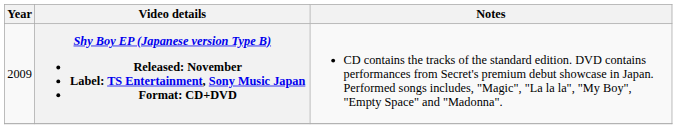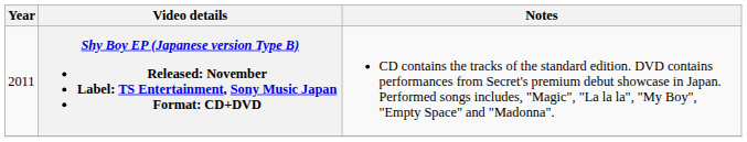 <table class="wikitable plainrowheaders">
 <tr>
 <th scope="col" align="center">Year</th>
 <th scope="col" align="center" width="350">Video details</th>
 <th scope="col">Notes</th>
 </tr>
 <tr>
-<td>2009</td>
+<td>2011</td>
 <th scope="row"><em><a href='#'>Shy Boy EP (Japanese version Type B)</a></em><br><ul><li>Released: November</li><li>Label: <a href='#'>TS Entertainment</a>, <a href='#'>Sony Music Japan</a></li><li>Format: CD+DVD</li></ul></th>
 <td><br><ul><li>CD contains the tracks of the standard edition. DVD contains performances from Secret's premium debut showcase in Japan. Performed songs includes, "Magic", "La la la", "My Boy", "Empty Space" and "Madonna".</li></ul></td>
 </tr>
 <tr>
 </tr>
 </table>
